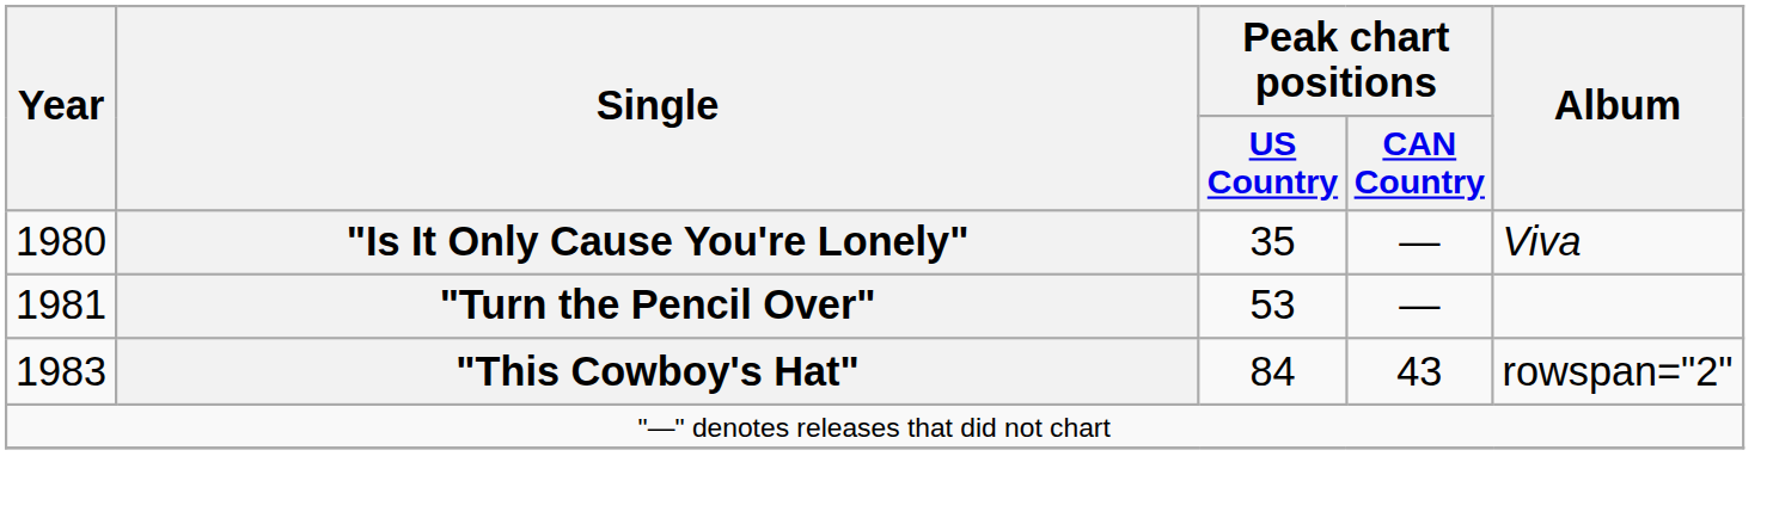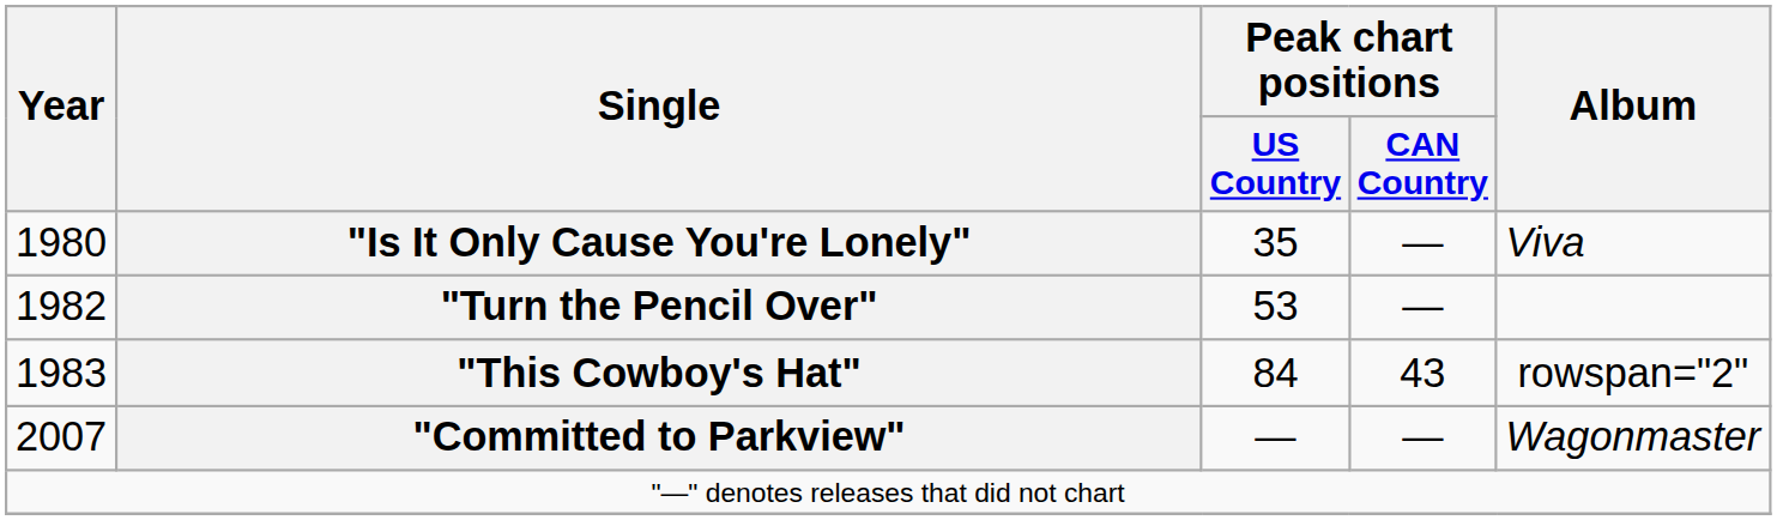 <table class="wikitable plainrowheaders" style="text-align:center;">
 <tr>
 <th rowspan="2">Year</th>
 <th rowspan="2" style="width:26em;">Single</th>
 <th colspan="2">Peak chart<br>positions</th>
 <th rowspan="2">Album</th>
 </tr>
 <tr style="font-size:smaller;">
 <th width="45"><a href='#'>US Country</a></th>
 <th width="45"><a href='#'>CAN Country</a></th>
 </tr>
 <tr>
 <td>1980</td>
 <th scope="row">"Is It Only Cause You're Lonely"</th>
 <td>35</td>
 <td>—</td>
 <td align="left"><em>Viva</em></td>
 </tr>
 <tr>
-<td>1981</td>
+<td>1982</td>
 <th scope="row">"Turn the Pencil Over"</th>
 <td>53</td>
 <td>—</td>
 </tr>
 <tr>
 <td>1983</td>
 <th scope="row">"This Cowboy's Hat"</th>
 <td>84</td>
 <td>43</td>
 <td>rowspan="2" </td>
 </tr>
 <tr>
+<td>2007</td>
+<th scope="row">"Committed to Parkview"</th>
+<td>—</td>
+<td>—</td>
+<td align="left"><em>Wagonmaster</em></td>
+</tr>
+<tr>
 <td colspan="5" style="font-size: 8pt">"—" denotes releases that did not chart</td>
 </tr>
 <tr>
 </tr>
 </table>
